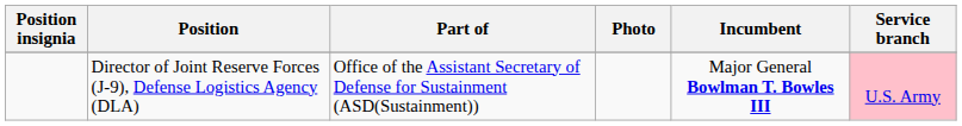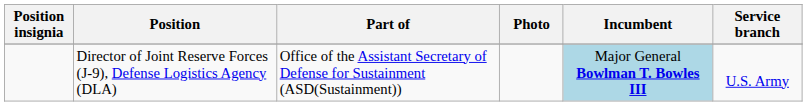 <table class="wikitable">
 <tr>
 <th width="75" style="text-align:center">Position insignia</th>
 <th width="310" style="text-align:center">Position</th>
 <th width="300" style="text-align:center">Part of</th>
 <th width="75" style="text-align:center">Photo</th>
 <th width="205" style="text-align:center">Incumbent</th>
 <th width="115" style="text-align:center">Service branch</th>
 </tr>
 <tr>
 </tr>
 <tr>
 <td></td>
 <td>Director of Joint Reserve Forces (J-9), <a href='#'>Defense Logistics Agency</a> (DLA)</td>
 <td> Office of the <a href='#'>Assistant Secretary of Defense for Sustainment</a> (ASD(Sustainment))</td>
 <td></td>
-<td style="text-align:center">Major General<br><strong><a href='#'>Bowlman T. Bowles III</a></strong></td>
-<td style="background: pink; text-align:center"><br><a href='#'>U.S. Army</a></td>
+<td style="background: lightblue; text-align:center">Major General<br><strong><a href='#'>Bowlman T. Bowles III</a></strong></td>
+<td style="text-align:center"><br><a href='#'>U.S. Army</a></td>
 </tr>
 </table>
